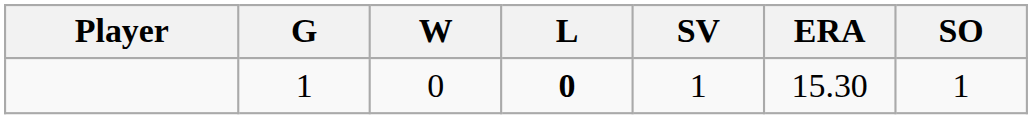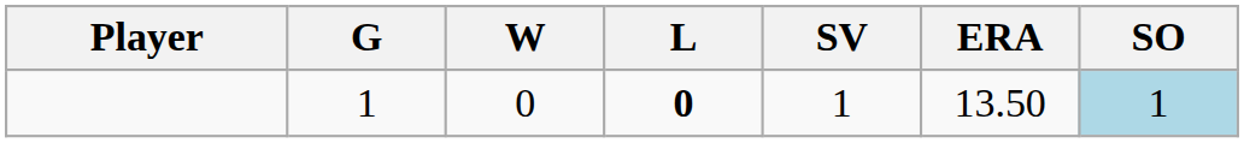 <table class="wikitable sortable">
 <tr>
 <th bgcolor="#DDDDFF" width="16%">Player</th>
 <th bgcolor="#DDDDFF" width="9%">G</th>
 <th bgcolor="#DDDDFF" width="9%">W</th>
 <th bgcolor="#DDDDFF" width="9%">L</th>
 <th bgcolor="#DDDDFF" width="9%">SV</th>
 <th bgcolor="#DDDDFF" width="9%">ERA</th>
 <th bgcolor="#DDDDFF" width="9%">SO</th>
 </tr>
 <tr align="center">
 <td></td>
 <td>1</td>
 <td>0</td>
 <td><strong>0</strong></td>
 <td>1</td>
-<td>15.30</td>
-<td>1</td>
+<td>13.50</td>
+<td style="background: lightblue;">1</td>
 </tr>
 </table>
